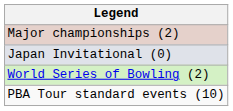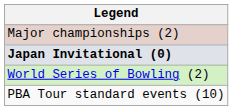 <table class="wikitable" style="font-size:95%;">
 <tr>
 <th>Legend</th>
 </tr>
 <tr style="background:#e5d1cb;">
 <td>Major championships (2)</td>
 </tr>
 <tr style="background:#dfe2e9;">
-<td>Japan Invitational (0)</td>
+<td><strong>Japan Invitational (0)</strong></td>
 </tr>
 <tr style="background:#d4f1c5;">
 <td><a href='#'>World Series of Bowling</a> (2)</td>
 </tr>
 <tr>
 <td>PBA Tour standard events (10)</td>
 </tr>
 </table>
